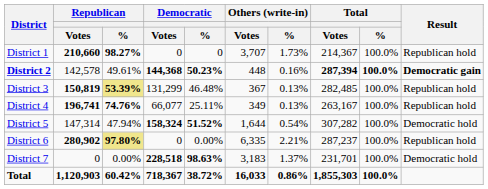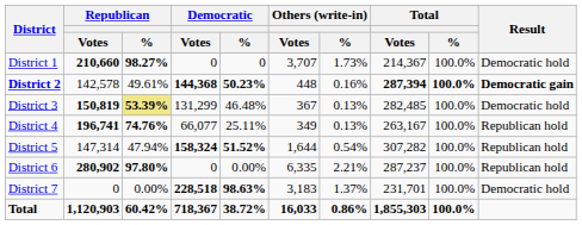 <table class="wikitable plainrowheaders sortable" style="font-size:100%; text-align:right;">
 <tr>
 <th scope=col rowspan=3><a href='#'>District</a></th>
 <th scope=col colspan=2><a href='#'>Republican</a></th>
 <th scope=col colspan=2><a href='#'>Democratic</a></th>
 <th scope=col colspan=2>Others (write-in)</th>
 <th scope=col colspan=2>Total</th>
 <th scope=col rowspan=3>Result</th>
 </tr>
 <tr>
 <th scope=col colspan=2 style="background:"></th>
 <th scope=col colspan=2 style="background:"></th>
 <th scope=col colspan=2></th>
 <th scope=col colspan=2></th>
 </tr>
 <tr>
 <th scope=col data-sort-type="number">Votes</th>
 <th scope=col data-sort-type="number">%</th>
 <th scope=col data-sort-type="number">Votes</th>
 <th scope=col data-sort-type="number">%</th>
 <th scope=col data-sort-type="number">Votes</th>
 <th scope=col data-sort-type="number">%</th>
 <th scope=col data-sort-type="number">Votes</th>
 <th scope=col data-sort-type="number">%</th>
 </tr>
 <tr>
 <td align=left><a href='#'>District 1</a></td>
 <td><strong>210,660</strong></td>
 <td><strong>98.27%</strong></td>
 <td>0</td>
 <td>0</td>
 <td>3,707</td>
 <td>1.73%</td>
 <td>214,367</td>
 <td>100.0%</td>
-<td align=left>Republican hold</td>
+<td align=left>Democratic hold</td>
 </tr>
 <tr>
 <td align=left><a href='#'><strong>District 2</strong></a></td>
 <td>142,578</td>
 <td>49.61%</td>
 <td><strong>144,368</strong></td>
 <td><strong>50.23%</strong></td>
 <td>448</td>
 <td>0.16%</td>
 <td><strong>287,394</strong></td>
 <td><strong>100.0%</strong></td>
 <td align=left><strong>Democratic gain</strong></td>
 </tr>
 <tr>
 <td align=left><a href='#'>District 3</a></td>
 <td><strong>150,819</strong></td>
 <td style="background: khaki;"><strong>53.39%</strong></td>
 <td>131,299</td>
 <td>46.48%</td>
 <td>367</td>
 <td>0.13%</td>
 <td>282,485</td>
 <td>100.0%</td>
-<td align=left>Republican hold</td>
+<td align=left>Democratic hold</td>
 </tr>
 <tr>
 <td align=left><a href='#'>District 4</a></td>
 <td><strong>196,741</strong></td>
 <td><strong>74.76%</strong></td>
 <td>66,077</td>
 <td>25.11%</td>
 <td>349</td>
 <td>0.13%</td>
 <td>263,167</td>
 <td>100.0%</td>
 <td align=left>Republican hold</td>
 </tr>
 <tr>
 <td align=left><a href='#'>District 5</a></td>
 <td>147,314</td>
 <td>47.94%</td>
 <td><strong>158,324</strong></td>
 <td><strong>51.52%</strong></td>
 <td>1,644</td>
 <td>0.54%</td>
 <td>307,282</td>
 <td>100.0%</td>
-<td align=left>Democratic hold</td>
+<td align=left>Republican hold</td>
 </tr>
 <tr>
 <td align=left><a href='#'>District 6</a></td>
 <td><strong>280,902</strong></td>
-<td style="background: khaki;"><strong>97.80%</strong></td>
+<td><strong>97.80%</strong></td>
 <td>0</td>
 <td>0.00%</td>
 <td>6,335</td>
 <td>2.21%</td>
 <td>287,237</td>
 <td>100.0%</td>
 <td align=left>Republican hold</td>
 </tr>
 <tr>
 <td align=left><a href='#'>District 7</a></td>
 <td>0</td>
 <td>0.00%</td>
 <td><strong>228,518</strong></td>
 <td><strong>98.63%</strong></td>
 <td>3,183</td>
 <td>1.37%</td>
 <td>231,701</td>
 <td>100.0%</td>
 <td align=left>Democratic hold</td>
 </tr>
 <tr class="sortbottom" style="font-weight:bold">
 <td align=left>Total</td>
 <td>1,120,903</td>
 <td>60.42%</td>
 <td>718,367</td>
 <td>38.72%</td>
 <td>16,033</td>
 <td>0.86%</td>
 <td>1,855,303</td>
 <td>100.0%</td>
 <td></td>
 </tr>
 </table>
